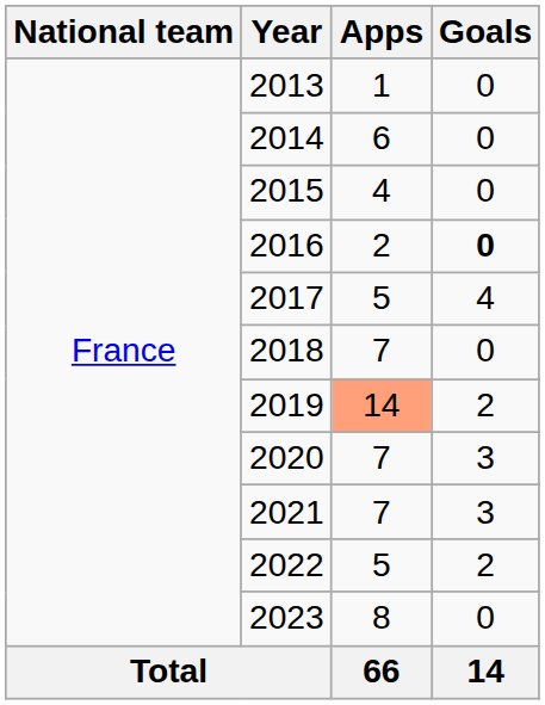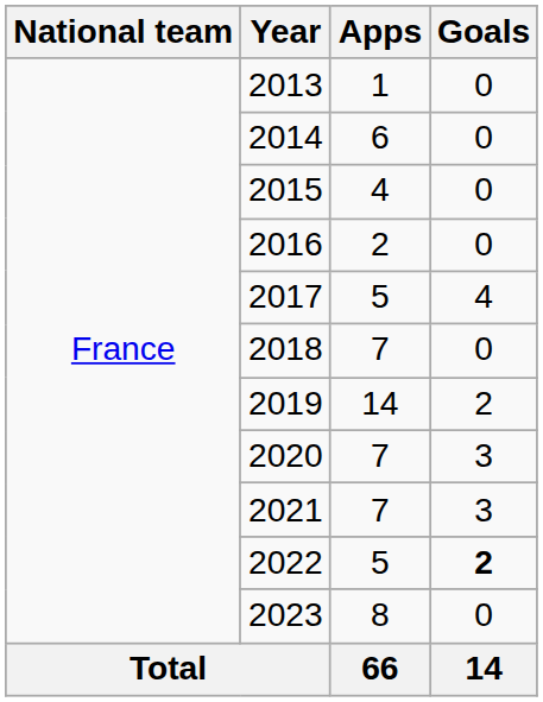 <table class="wikitable" style="text-align:center">
 <tr>
 <th>National team</th>
 <th>Year</th>
 <th>Apps</th>
 <th>Goals</th>
 </tr>
 <tr>
 <td rowspan="11"><a href='#'>France</a></td>
 <td>2013</td>
 <td>1</td>
 <td>0</td>
 </tr>
 <tr>
 <td>2014</td>
 <td>6</td>
 <td>0</td>
 </tr>
 <tr>
 <td>2015</td>
 <td>4</td>
 <td>0</td>
 </tr>
 <tr>
 <td>2016</td>
 <td>2</td>
-<td><strong>0</strong></td>
+<td>0</td>
 </tr>
 <tr>
 <td>2017</td>
 <td>5</td>
 <td>4</td>
 </tr>
 <tr>
 <td>2018</td>
 <td>7</td>
 <td>0</td>
 </tr>
 <tr>
 <td>2019</td>
-<td style="background: lightsalmon;">14</td>
+<td>14</td>
 <td>2</td>
 </tr>
 <tr>
 <td>2020</td>
 <td>7</td>
 <td>3</td>
 </tr>
 <tr>
 <td>2021</td>
 <td>7</td>
 <td>3</td>
 </tr>
 <tr>
 <td>2022</td>
 <td>5</td>
-<td>2</td>
+<td><strong>2</strong></td>
 </tr>
 <tr>
 <td>2023</td>
 <td>8</td>
 <td>0</td>
 </tr>
 <tr>
 <th colspan="2">Total</th>
 <th>66</th>
 <th>14</th>
 </tr>
 </table>
